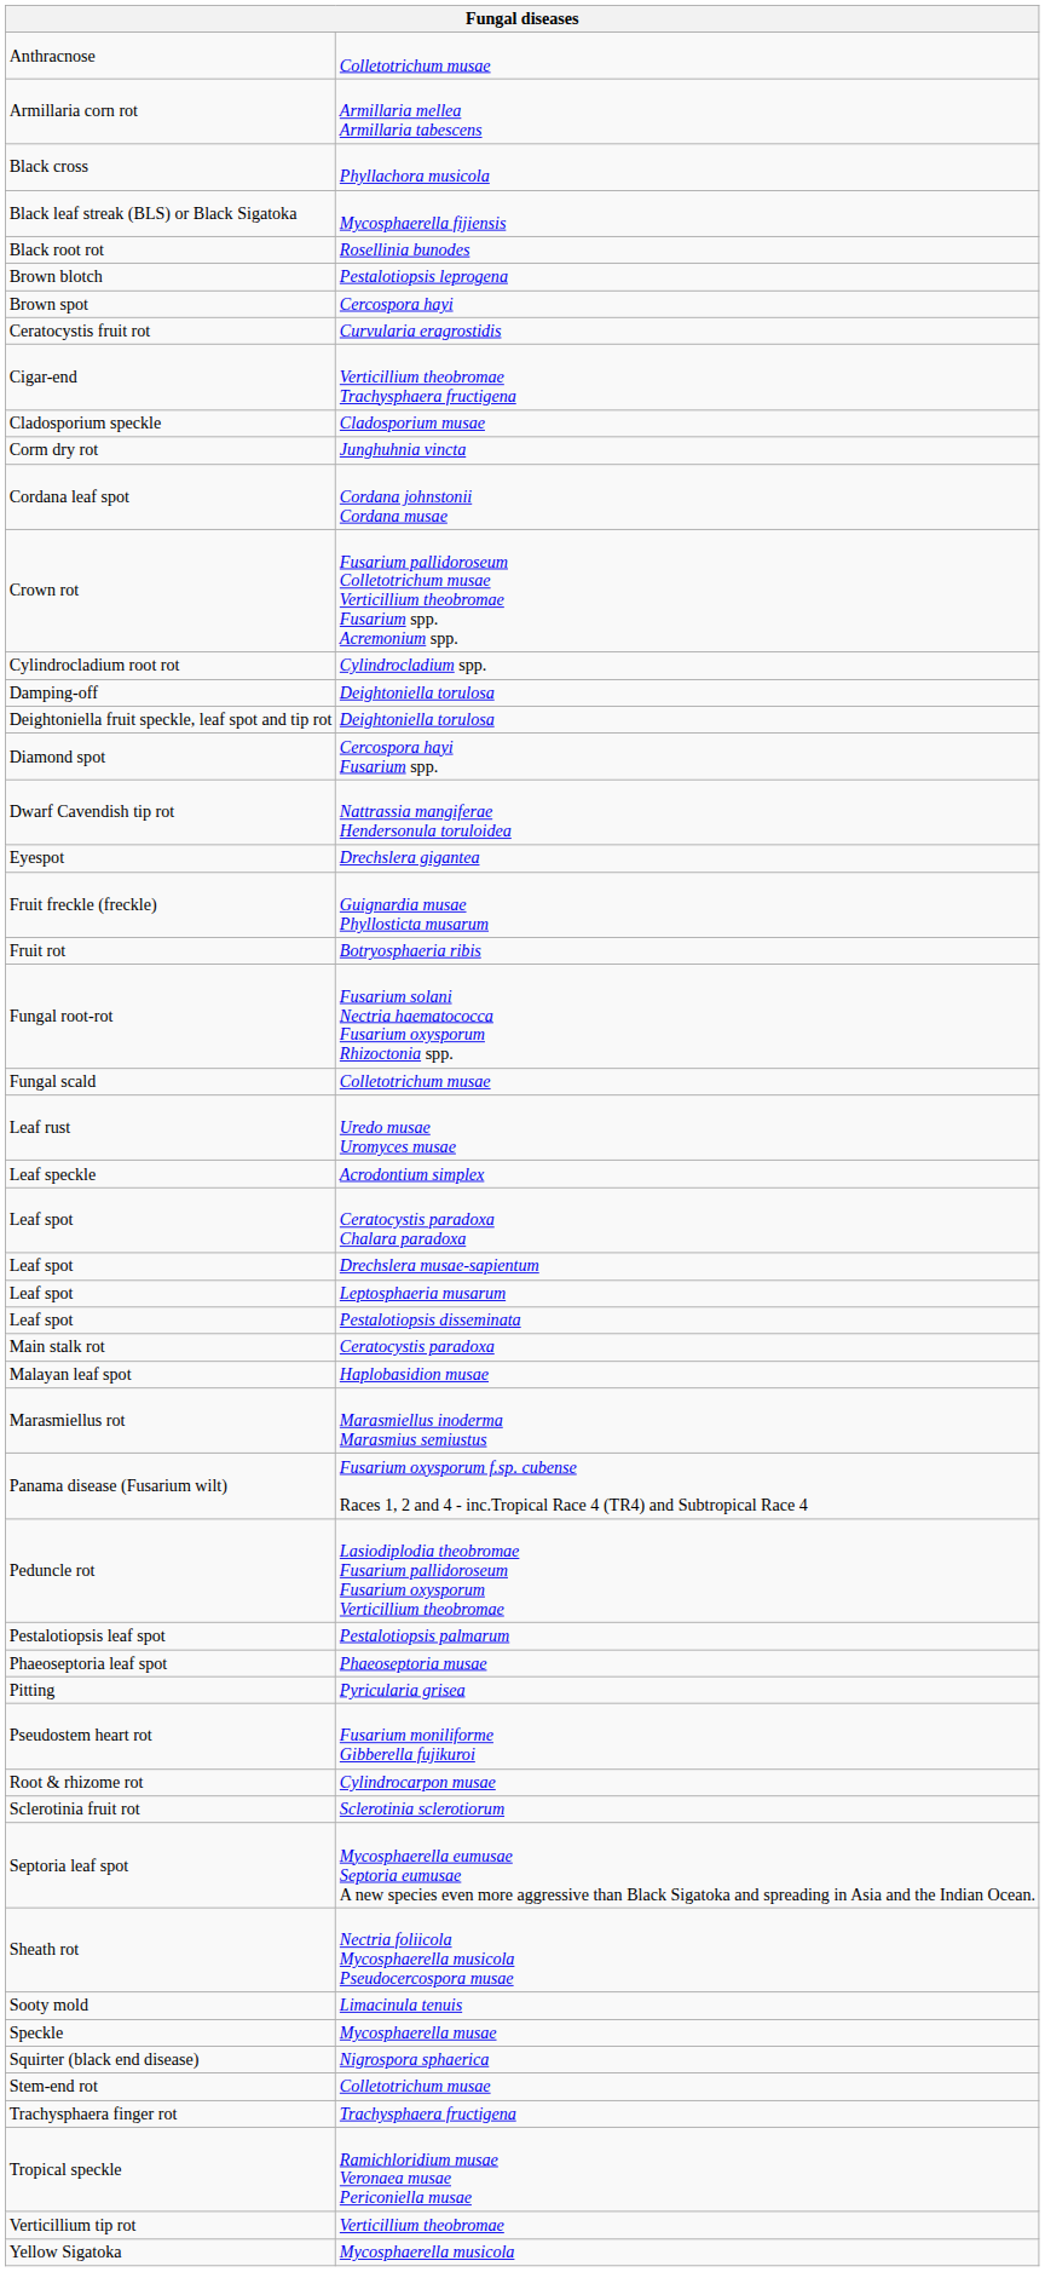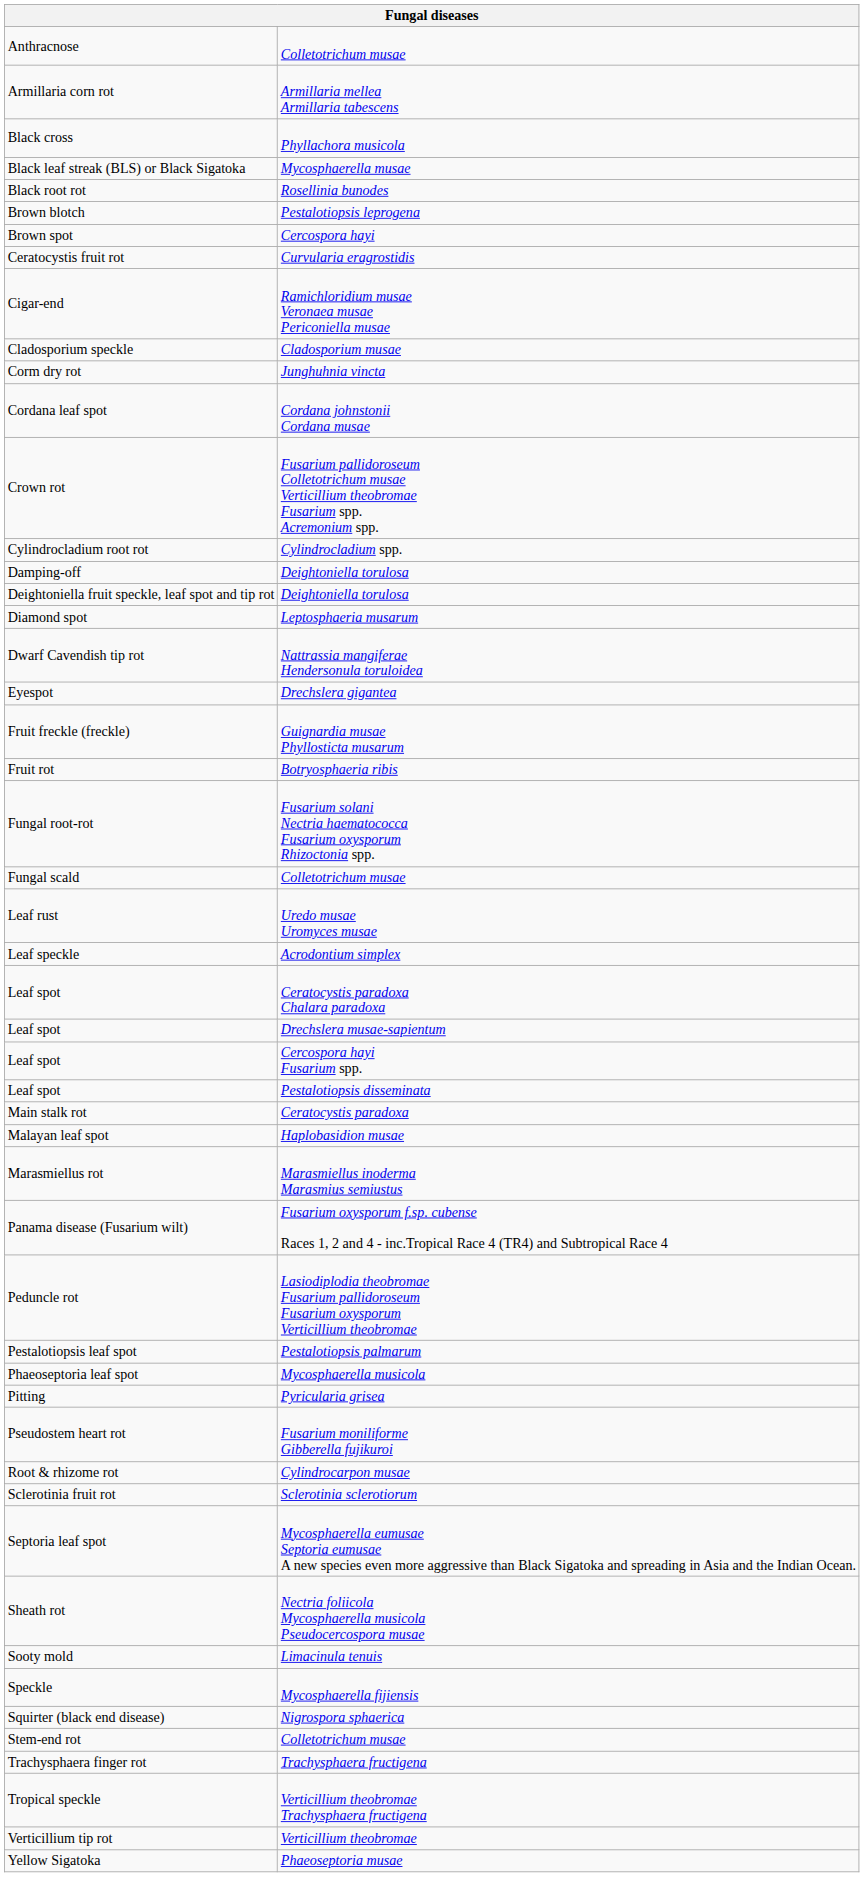 <table class="wikitable" style="clear">
 <tr>
 <th colspan=2><strong>Fungal diseases</strong><br></th>
 </tr>
 <tr>
 <td>Anthracnose</td>
 <td><br><em><a href='#'>Colletotrichum musae</a></em></td>
 </tr>
 <tr>
 <td>Armillaria corn rot</td>
 <td><br><em><a href='#'>Armillaria mellea</a></em><br> <em><a href='#'>Armillaria tabescens</a></em></td>
 </tr>
 <tr>
 <td>Black cross</td>
 <td><br><em><a href='#'>Phyllachora musicola</a></em></td>
 </tr>
 <tr>
 <td>Black leaf streak (BLS) or Black Sigatoka</td>
-<td><br><em><a href='#'>Mycosphaerella fijiensis</a></em><br></td>
+<td><em><a href='#'>Mycosphaerella musae</a></em></td>
 </tr>
 <tr>
 <td>Black root rot</td>
 <td><em><a href='#'>Rosellinia bunodes</a></em></td>
 </tr>
 <tr>
 <td>Brown blotch</td>
 <td><em><a href='#'>Pestalotiopsis leprogena</a></em></td>
 </tr>
 <tr>
 <td>Brown spot</td>
 <td><em><a href='#'>Cercospora hayi</a></em></td>
 </tr>
 <tr>
 <td>Ceratocystis fruit rot</td>
 <td><em><a href='#'>Curvularia eragrostidis</a></em></td>
 </tr>
 <tr>
 <td>Cigar-end</td>
-<td><br><em><a href='#'>Verticillium theobromae</a></em><br> <em><a href='#'>Trachysphaera fructigena</a></em></td>
+<td><br><em><a href='#'>Ramichloridium musae</a></em> <br>  <em><a href='#'>Veronaea musae</a></em> <br>  <em><a href='#'>Periconiella musae</a></em></td>
 </tr>
 <tr>
 <td>Cladosporium speckle</td>
 <td><em><a href='#'>Cladosporium musae</a></em></td>
 </tr>
 <tr>
 <td>Corm dry rot</td>
 <td><em><a href='#'>Junghuhnia vincta</a></em></td>
 </tr>
 <tr>
 <td>Cordana leaf spot</td>
 <td><br><em><a href='#'>Cordana johnstonii</a></em><br> <em><a href='#'>Cordana musae</a></em></td>
 </tr>
 <tr>
 <td>Crown rot</td>
 <td><br><em><a href='#'>Fusarium pallidoroseum</a></em><br> <em><a href='#'>Colletotrichum musae</a></em><br> <em><a href='#'>Verticillium theobromae</a></em><br> <em><a href='#'>Fusarium</a></em> spp. <br> <em><a href='#'>Acremonium</a></em> spp.</td>
 </tr>
 <tr>
 <td>Cylindrocladium root rot</td>
 <td><em><a href='#'>Cylindrocladium</a></em> spp.</td>
 </tr>
 <tr>
 <td>Damping-off</td>
 <td><em><a href='#'>Deightoniella torulosa</a></em></td>
 </tr>
 <tr>
 <td>Deightoniella fruit speckle, leaf spot and tip rot</td>
 <td><em><a href='#'>Deightoniella torulosa</a></em></td>
 </tr>
 <tr>
 <td>Diamond spot</td>
-<td><em><a href='#'>Cercospora hayi</a></em><br><em><a href='#'>Fusarium</a></em> spp.</td>
+<td><em><a href='#'>Leptosphaeria musarum</a></em></td>
 </tr>
 <tr>
 <td>Dwarf Cavendish tip rot</td>
 <td><br><em><a href='#'>Nattrassia mangiferae</a></em> <br>  <em><a href='#'>Hendersonula toruloidea</a></em></td>
 </tr>
 <tr>
 <td>Eyespot</td>
 <td><em><a href='#'>Drechslera gigantea</a></em></td>
 </tr>
 <tr>
 <td>Fruit freckle (freckle)</td>
 <td><br><em><a href='#'>Guignardia musae</a></em><br> <em><a href='#'>Phyllosticta musarum</a></em> </td>
 </tr>
 <tr>
 <td>Fruit rot</td>
 <td><em><a href='#'>Botryosphaeria ribis</a></em></td>
 </tr>
 <tr>
 <td>Fungal root-rot</td>
 <td><br><em><a href='#'>Fusarium solani</a></em><br> <em><a href='#'>Nectria haematococca</a></em> <br> <em><a href='#'>Fusarium oxysporum</a></em><br> <em><a href='#'>Rhizoctonia</a></em> spp.</td>
 </tr>
 <tr>
 <td>Fungal scald</td>
 <td><em><a href='#'>Colletotrichum musae</a></em></td>
 </tr>
 <tr>
 <td>Leaf rust</td>
 <td><br><em><a href='#'>Uredo musae</a></em><br> <em><a href='#'>Uromyces musae</a></em></td>
 </tr>
 <tr>
 <td>Leaf speckle</td>
 <td><em><a href='#'>Acrodontium simplex</a></em></td>
 </tr>
 <tr>
 <td>Leaf spot</td>
 <td><br><em><a href='#'>Ceratocystis paradoxa</a></em><br> <em><a href='#'>Chalara paradoxa</a></em> </td>
 </tr>
 <tr>
 <td>Leaf spot</td>
 <td><em><a href='#'>Drechslera musae-sapientum</a></em></td>
 </tr>
 <tr>
 <td>Leaf spot</td>
-<td><em><a href='#'>Leptosphaeria musarum</a></em></td>
+<td><em><a href='#'>Cercospora hayi</a></em><br><em><a href='#'>Fusarium</a></em> spp.</td>
 </tr>
 <tr>
 <td>Leaf spot</td>
 <td><em><a href='#'>Pestalotiopsis disseminata</a></em></td>
 </tr>
 <tr>
 <td>Main stalk rot</td>
 <td><em><a href='#'>Ceratocystis paradoxa</a></em></td>
 </tr>
 <tr>
 <td>Malayan leaf spot</td>
 <td><em><a href='#'>Haplobasidion musae</a></em></td>
 </tr>
 <tr>
 <td>Marasmiellus rot</td>
 <td><br><em><a href='#'>Marasmiellus inoderma</a></em> <br> <em><a href='#'>Marasmius semiustus</a></em></td>
 </tr>
 <tr>
 <td>Panama disease (Fusarium wilt)</td>
 <td><em><a href='#'>Fusarium oxysporum f.sp. cubense</a></em> <br><br>Races 1, 2 and 4 - inc.Tropical Race 4 (TR4) and Subtropical Race 4</td>
 </tr>
 <tr>
 <td>Peduncle rot</td>
 <td><br><em><a href='#'>Lasiodiplodia theobromae</a></em><br> <em><a href='#'>Fusarium pallidoroseum</a></em><br> <em><a href='#'>Fusarium oxysporum</a></em><br> <em><a href='#'>Verticillium theobromae</a></em></td>
 </tr>
 <tr>
 <td>Pestalotiopsis leaf spot</td>
 <td><em><a href='#'>Pestalotiopsis palmarum</a></em></td>
 </tr>
 <tr>
 <td>Phaeoseptoria leaf spot</td>
-<td><em><a href='#'>Phaeoseptoria musae</a></em></td>
+<td><em><a href='#'>Mycosphaerella musicola</a></em></td>
 </tr>
 <tr>
 <td>Pitting</td>
 <td><em><a href='#'>Pyricularia grisea</a></em></td>
 </tr>
 <tr>
 <td>Pseudostem heart rot</td>
 <td><br><em><a href='#'>Fusarium moniliforme</a></em><br> <em><a href='#'>Gibberella fujikuroi</a></em> </td>
 </tr>
 <tr>
 <td>Root & rhizome rot</td>
 <td><em><a href='#'>Cylindrocarpon musae</a></em></td>
 </tr>
 <tr>
 <td>Sclerotinia fruit rot</td>
 <td><em><a href='#'>Sclerotinia sclerotiorum</a></em></td>
 </tr>
 <tr>
 <td>Septoria leaf spot</td>
 <td><br><em><a href='#'>Mycosphaerella eumusae</a></em> <br> <em><a href='#'>Septoria eumusae</a></em> <br> A new species even more aggressive than Black Sigatoka and spreading in Asia and the Indian Ocean.</td>
 </tr>
 <tr>
 <td>Sheath rot</td>
 <td><br><em><a href='#'>Nectria foliicola</a></em><br> <em><a href='#'>Mycosphaerella musicola</a></em><br> <em><a href='#'>Pseudocercospora musae</a></em> </td>
 </tr>
 <tr>
 <td>Sooty mold</td>
 <td><em><a href='#'>Limacinula tenuis</a></em></td>
 </tr>
 <tr>
 <td>Speckle</td>
-<td><em><a href='#'>Mycosphaerella musae</a></em></td>
+<td><br><em><a href='#'>Mycosphaerella fijiensis</a></em><br></td>
 </tr>
 <tr>
 <td>Squirter (black end disease)</td>
 <td><em><a href='#'>Nigrospora sphaerica</a></em></td>
 </tr>
 <tr>
 <td>Stem-end rot</td>
 <td><em><a href='#'>Colletotrichum musae</a></em></td>
 </tr>
 <tr>
 <td>Trachysphaera finger rot</td>
 <td><em><a href='#'>Trachysphaera fructigena</a></em></td>
 </tr>
 <tr>
 <td>Tropical speckle</td>
-<td><br><em><a href='#'>Ramichloridium musae</a></em> <br>  <em><a href='#'>Veronaea musae</a></em> <br>  <em><a href='#'>Periconiella musae</a></em></td>
+<td><br><em><a href='#'>Verticillium theobromae</a></em><br> <em><a href='#'>Trachysphaera fructigena</a></em></td>
 </tr>
 <tr>
 <td>Verticillium tip rot</td>
 <td><em><a href='#'>Verticillium theobromae</a></em></td>
 </tr>
 <tr>
 <td>Yellow Sigatoka</td>
-<td><em><a href='#'>Mycosphaerella musicola</a></em></td>
+<td><em><a href='#'>Phaeoseptoria musae</a></em></td>
 </tr>
 </table>
